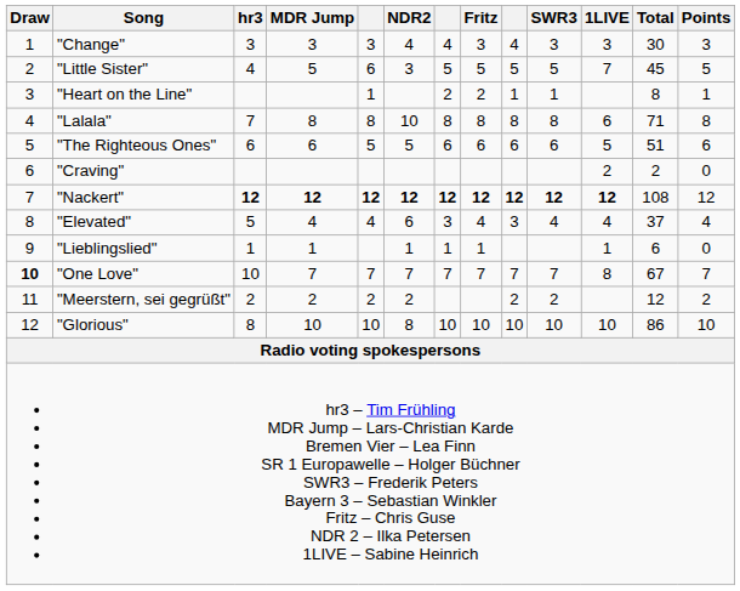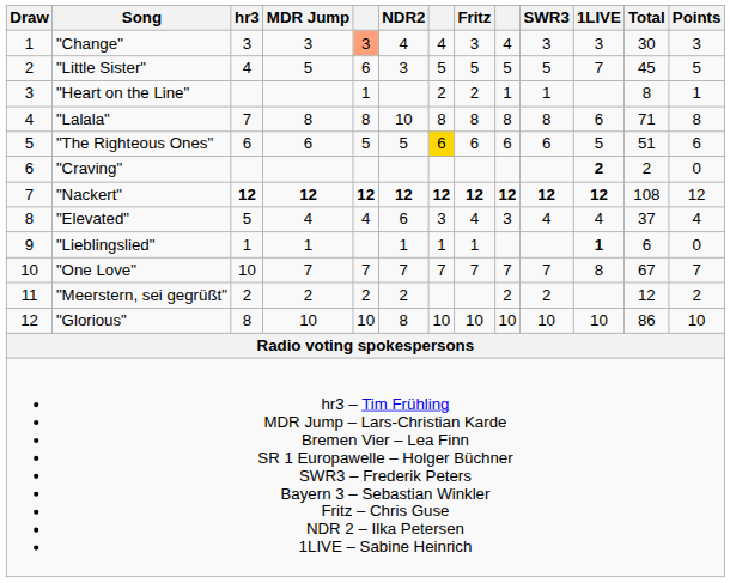 <table class="wikitable collapsible" style="margin: 1em auto 1em auto; text-align:center;">
 <tr>
 <th>Draw</th>
 <th>Song</th>
 <th>hr3<br></th>
 <th>MDR Jump<br></th>
 <th><br></th>
 <th>NDR2<br></th>
 <th><br></th>
 <th>Fritz<br></th>
 <th><br></th>
 <th>SWR3<br></th>
 <th>1LIVE<br></th>
 <th>Total</th>
 <th>Points</th>
 </tr>
 <tr>
 <td>1</td>
 <td align="left">"Change"</td>
 <td>3</td>
 <td>3</td>
-<td>3</td>
+<td style="background: lightsalmon;">3</td>
 <td>4</td>
 <td>4</td>
 <td>3</td>
 <td>4</td>
 <td>3</td>
 <td>3</td>
 <td>30</td>
 <td>3</td>
 </tr>
 <tr>
 <td>2</td>
 <td align="left">"Little Sister"</td>
 <td>4</td>
 <td>5</td>
 <td>6</td>
 <td>3</td>
 <td>5</td>
 <td>5</td>
 <td>5</td>
 <td>5</td>
 <td>7</td>
 <td>45</td>
 <td>5</td>
 </tr>
 <tr>
 <td>3</td>
 <td align="left">"Heart on the Line"</td>
 <td></td>
 <td></td>
 <td>1</td>
 <td></td>
 <td>2</td>
 <td>2</td>
 <td>1</td>
 <td>1</td>
 <td></td>
 <td>8</td>
 <td>1</td>
 </tr>
 <tr>
 <td>4</td>
 <td align="left">"Lalala"</td>
 <td>7</td>
 <td>8</td>
 <td>8</td>
 <td>10</td>
 <td>8</td>
 <td>8</td>
 <td>8</td>
 <td>8</td>
 <td>6</td>
 <td>71</td>
 <td>8</td>
 </tr>
 <tr>
 <td>5</td>
 <td align="left">"The Righteous Ones"</td>
 <td>6</td>
 <td>6</td>
 <td>5</td>
 <td>5</td>
-<td>6</td>
+<td style="background: gold;">6</td>
 <td>6</td>
 <td>6</td>
 <td>6</td>
 <td>5</td>
 <td>51</td>
 <td>6</td>
 </tr>
 <tr>
 <td>6</td>
 <td align="left">"Craving"</td>
 <td></td>
 <td></td>
 <td></td>
 <td></td>
 <td></td>
 <td></td>
 <td></td>
 <td></td>
-<td>2</td>
+<td><strong>2</strong></td>
 <td>2</td>
 <td>0</td>
 </tr>
 <tr>
 <td>7</td>
 <td align="left">"Nackert"</td>
 <td><strong>12</strong></td>
 <td><strong>12</strong></td>
 <td><strong>12</strong></td>
 <td><strong>12</strong></td>
 <td><strong>12</strong></td>
 <td><strong>12</strong></td>
 <td><strong>12</strong></td>
 <td><strong>12</strong></td>
 <td><strong>12</strong></td>
 <td>108</td>
 <td>12</td>
 </tr>
 <tr>
 <td>8</td>
 <td align="left">"Elevated"</td>
 <td>5</td>
 <td>4</td>
 <td>4</td>
 <td>6</td>
 <td>3</td>
 <td>4</td>
 <td>3</td>
 <td>4</td>
 <td>4</td>
 <td>37</td>
 <td>4</td>
 </tr>
 <tr>
 <td>9</td>
 <td align="left">"Lieblingslied"</td>
 <td>1</td>
 <td>1</td>
 <td></td>
 <td>1</td>
 <td>1</td>
 <td>1</td>
 <td></td>
 <td></td>
-<td>1</td>
+<td><strong>1</strong></td>
 <td>6</td>
 <td>0</td>
 </tr>
 <tr>
-<td><strong>10</strong></td>
+<td>10</td>
 <td align="left">"One Love"</td>
 <td>10</td>
 <td>7</td>
 <td>7</td>
 <td>7</td>
 <td>7</td>
 <td>7</td>
 <td>7</td>
 <td>7</td>
 <td>8</td>
 <td>67</td>
 <td>7</td>
 </tr>
 <tr>
 <td>11</td>
 <td align= "left">"Meerstern, sei gegrüßt"</td>
 <td>2</td>
 <td>2</td>
 <td>2</td>
 <td>2</td>
 <td></td>
 <td></td>
 <td>2</td>
 <td>2</td>
 <td></td>
 <td>12</td>
 <td>2</td>
 </tr>
 <tr>
 <td>12</td>
 <td align="left">"Glorious"</td>
 <td>8</td>
 <td>10</td>
 <td>10</td>
 <td>8</td>
 <td>10</td>
 <td>10</td>
 <td>10</td>
 <td>10</td>
 <td>10</td>
 <td>86</td>
 <td>10</td>
 </tr>
 <tr>
 <th colspan="13">Radio voting spokespersons</th>
 </tr>
 <tr>
 <td colspan="13"><br><ul><li>hr3 – <a href='#'>Tim Frühling</a></li><li>MDR Jump – Lars-Christian Karde</li><li>Bremen Vier – Lea Finn</li><li>SR 1 Europawelle – Holger Büchner</li><li>SWR3 – Frederik Peters</li><li>Bayern 3 – Sebastian Winkler</li><li>Fritz – Chris Guse</li><li>NDR 2 – Ilka Petersen</li><li>1LIVE – Sabine Heinrich</li></ul></td>
 </tr>
 </table>
